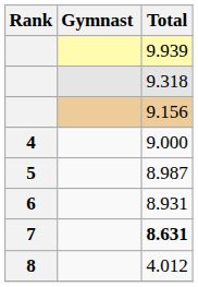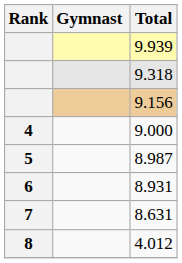 <table class="wikitable sortable" style="text-align:center; font-size:95%">
 <tr>
 <th scope=col>Rank</th>
 <th scope=col>Gymnast </th>
 <th scope=col>Total</th>
 </tr>
 <tr bgcolor=fffcaf>
 <th scope=row style="text-align:center"></th>
 <td align=left> </td>
 <td>9.939</td>
 </tr>
 <tr bgcolor=e5e5e5>
 <th scope=row style="text-align:center"></th>
 <td align=left> </td>
 <td>9.318</td>
 </tr>
 <tr bgcolor=eecc99>
 <th scope=row style="text-align:center"></th>
 <td align=left> </td>
 <td>9.156</td>
 </tr>
 <tr>
 <th scope=row style="text-align:center">4</th>
 <td align=left> </td>
 <td>9.000</td>
 </tr>
 <tr>
 <th scope=row style="text-align:center">5</th>
 <td align=left> </td>
 <td>8.987</td>
 </tr>
 <tr>
 <th scope=row style="text-align:center">6</th>
 <td align=left> </td>
 <td>8.931</td>
 </tr>
 <tr>
 <th scope=row style="text-align:center">7</th>
 <td align=left> </td>
-<td><strong>8.631</strong></td>
+<td>8.631</td>
 </tr>
 <tr>
 <th scope=row style="text-align:center">8</th>
 <td align=left> </td>
 <td>4.012</td>
 </tr>
 <tr>
 </tr>
 </table>
